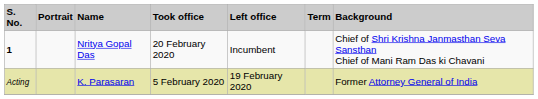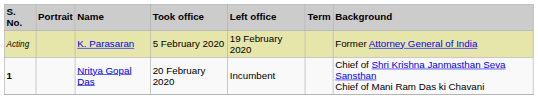 <table class="wikitable">
 <tr>
 <td bgcolor=#cccccc><strong>S. No.</strong></td>
 <td bgcolor=#cccccc><strong>Portrait</strong></td>
 <td bgcolor=#cccccc><strong>Name</strong></td>
 <td bgcolor=#cccccc><strong>Took office</strong></td>
 <td bgcolor=#cccccc><strong>Left office</strong></td>
 <td bgcolor=#cccccc><strong>Term</strong></td>
 <td bgcolor=#cccccc><strong>Background</strong></td>
 </tr>
 <tr>
+<td bgcolor=#e6e6aa><small><em>Acting</em></small></td>
+<td bgcolor=#e6e6aa></td>
+<td bgcolor=#e6e6aa><a href='#'>K. Parasaran</a></td>
+<td bgcolor=#e6e6aa>5 February 2020</td>
+<td bgcolor=#e6e6aa>19 February 2020</td>
+<td bgcolor=#e6e6aa></td>
+<td bgcolor=#e6e6aa>Former <a href='#'>Attorney General of India</a></td>
+</tr>
+<tr>
 <td><strong> 1 </strong></td>
 <td></td>
 <td><a href='#'>Nritya Gopal Das</a></td>
 <td>20 February 2020</td>
 <td>Incumbent</td>
 <td></td>
 <td>Chief of <a href='#'>Shri Krishna Janmasthan Seva Sansthan</a><br>Chief of Mani Ram Das ki Chavani</td>
 </tr>
 <tr>
-<td bgcolor=#e6e6aa><small><em>Acting</em></small></td>
-<td bgcolor=#e6e6aa></td>
-<td bgcolor=#e6e6aa><a href='#'>K. Parasaran</a></td>
-<td bgcolor=#e6e6aa>5 February 2020</td>
-<td bgcolor=#e6e6aa>19 February 2020</td>
-<td bgcolor=#e6e6aa></td>
-<td bgcolor=#e6e6aa>Former <a href='#'>Attorney General of India</a></td>
-</tr>
-<tr>
 </tr>
 </table>
